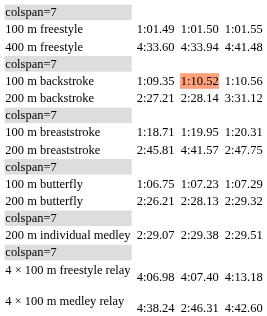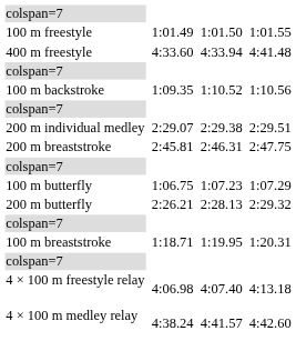 <table>
 <tr bgcolor=#DDDDDD>
 <td>colspan=7 </td>
 </tr>
 <tr>
 <td>100 m freestyle<br></td>
 <td></td>
 <td>1:01.49</td>
 <td></td>
 <td>1:01.50</td>
 <td></td>
 <td>1:01.55</td>
 </tr>
 <tr>
 <td>400 m freestyle<br></td>
 <td></td>
 <td>4:33.60</td>
 <td></td>
 <td>4:33.94</td>
 <td></td>
 <td>4:41.48</td>
 </tr>
 <tr bgcolor=#DDDDDD>
 <td>colspan=7 </td>
 </tr>
 <tr>
 <td>100 m backstroke<br></td>
 <td></td>
 <td>1:09.35</td>
 <td></td>
-<td style="background: lightsalmon;">1:10.52</td>
+<td>1:10.52</td>
 <td></td>
 <td>1:10.56</td>
-</tr>
-<tr>
-<td>200 m backstroke<br></td>
-<td></td>
-<td>2:27.21</td>
-<td></td>
-<td>2:28.14</td>
-<td></td>
-<td>3:31.12</td>
 </tr>
 <tr bgcolor=#DDDDDD>
 <td>colspan=7 </td>
 </tr>
 <tr>
-<td>100 m breaststroke<br></td>
+<td>200 m individual medley<br></td>
 <td></td>
-<td>1:18.71</td>
+<td>2:29.07</td>
 <td></td>
-<td>1:19.95</td>
+<td>2:29.38</td>
 <td></td>
-<td>1:20.31</td>
+<td>2:29.51</td>
 </tr>
 <tr>
 <td>200 m breaststroke<br></td>
 <td></td>
 <td>2:45.81</td>
 <td></td>
-<td>4:41.57</td>
+<td>2:46.31</td>
 <td></td>
 <td>2:47.75</td>
 </tr>
 <tr bgcolor=#DDDDDD>
 <td>colspan=7 </td>
 </tr>
 <tr>
 <td>100 m butterfly<br></td>
 <td></td>
 <td>1:06.75</td>
 <td></td>
 <td>1:07.23</td>
 <td></td>
 <td>1:07.29</td>
 </tr>
 <tr>
 <td>200 m butterfly<br></td>
 <td></td>
 <td>2:26.21</td>
 <td></td>
 <td>2:28.13</td>
 <td></td>
 <td>2:29.32</td>
 </tr>
 <tr bgcolor=#DDDDDD>
 <td>colspan=7 </td>
 </tr>
 <tr>
-<td>200 m individual medley<br></td>
+<td>100 m breaststroke<br></td>
 <td></td>
-<td>2:29.07</td>
+<td>1:18.71</td>
 <td></td>
-<td>2:29.38</td>
+<td>1:19.95</td>
 <td></td>
-<td>2:29.51</td>
+<td>1:20.31</td>
 </tr>
 <tr bgcolor=#DDDDDD>
 <td>colspan=7 </td>
 </tr>
 <tr>
 <td>4 × 100 m freestyle relay<br><br></td>
 <td></td>
 <td>4:06.98</td>
 <td></td>
 <td>4:07.40</td>
 <td></td>
 <td>4:13.18</td>
 </tr>
 <tr>
 <td>4 × 100 m medley relay<br><br></td>
 <td></td>
 <td>4:38.24</td>
 <td></td>
-<td>2:46.31</td>
+<td>4:41.57</td>
 <td></td>
 <td>4:42.60</td>
 </tr>
 </table>
